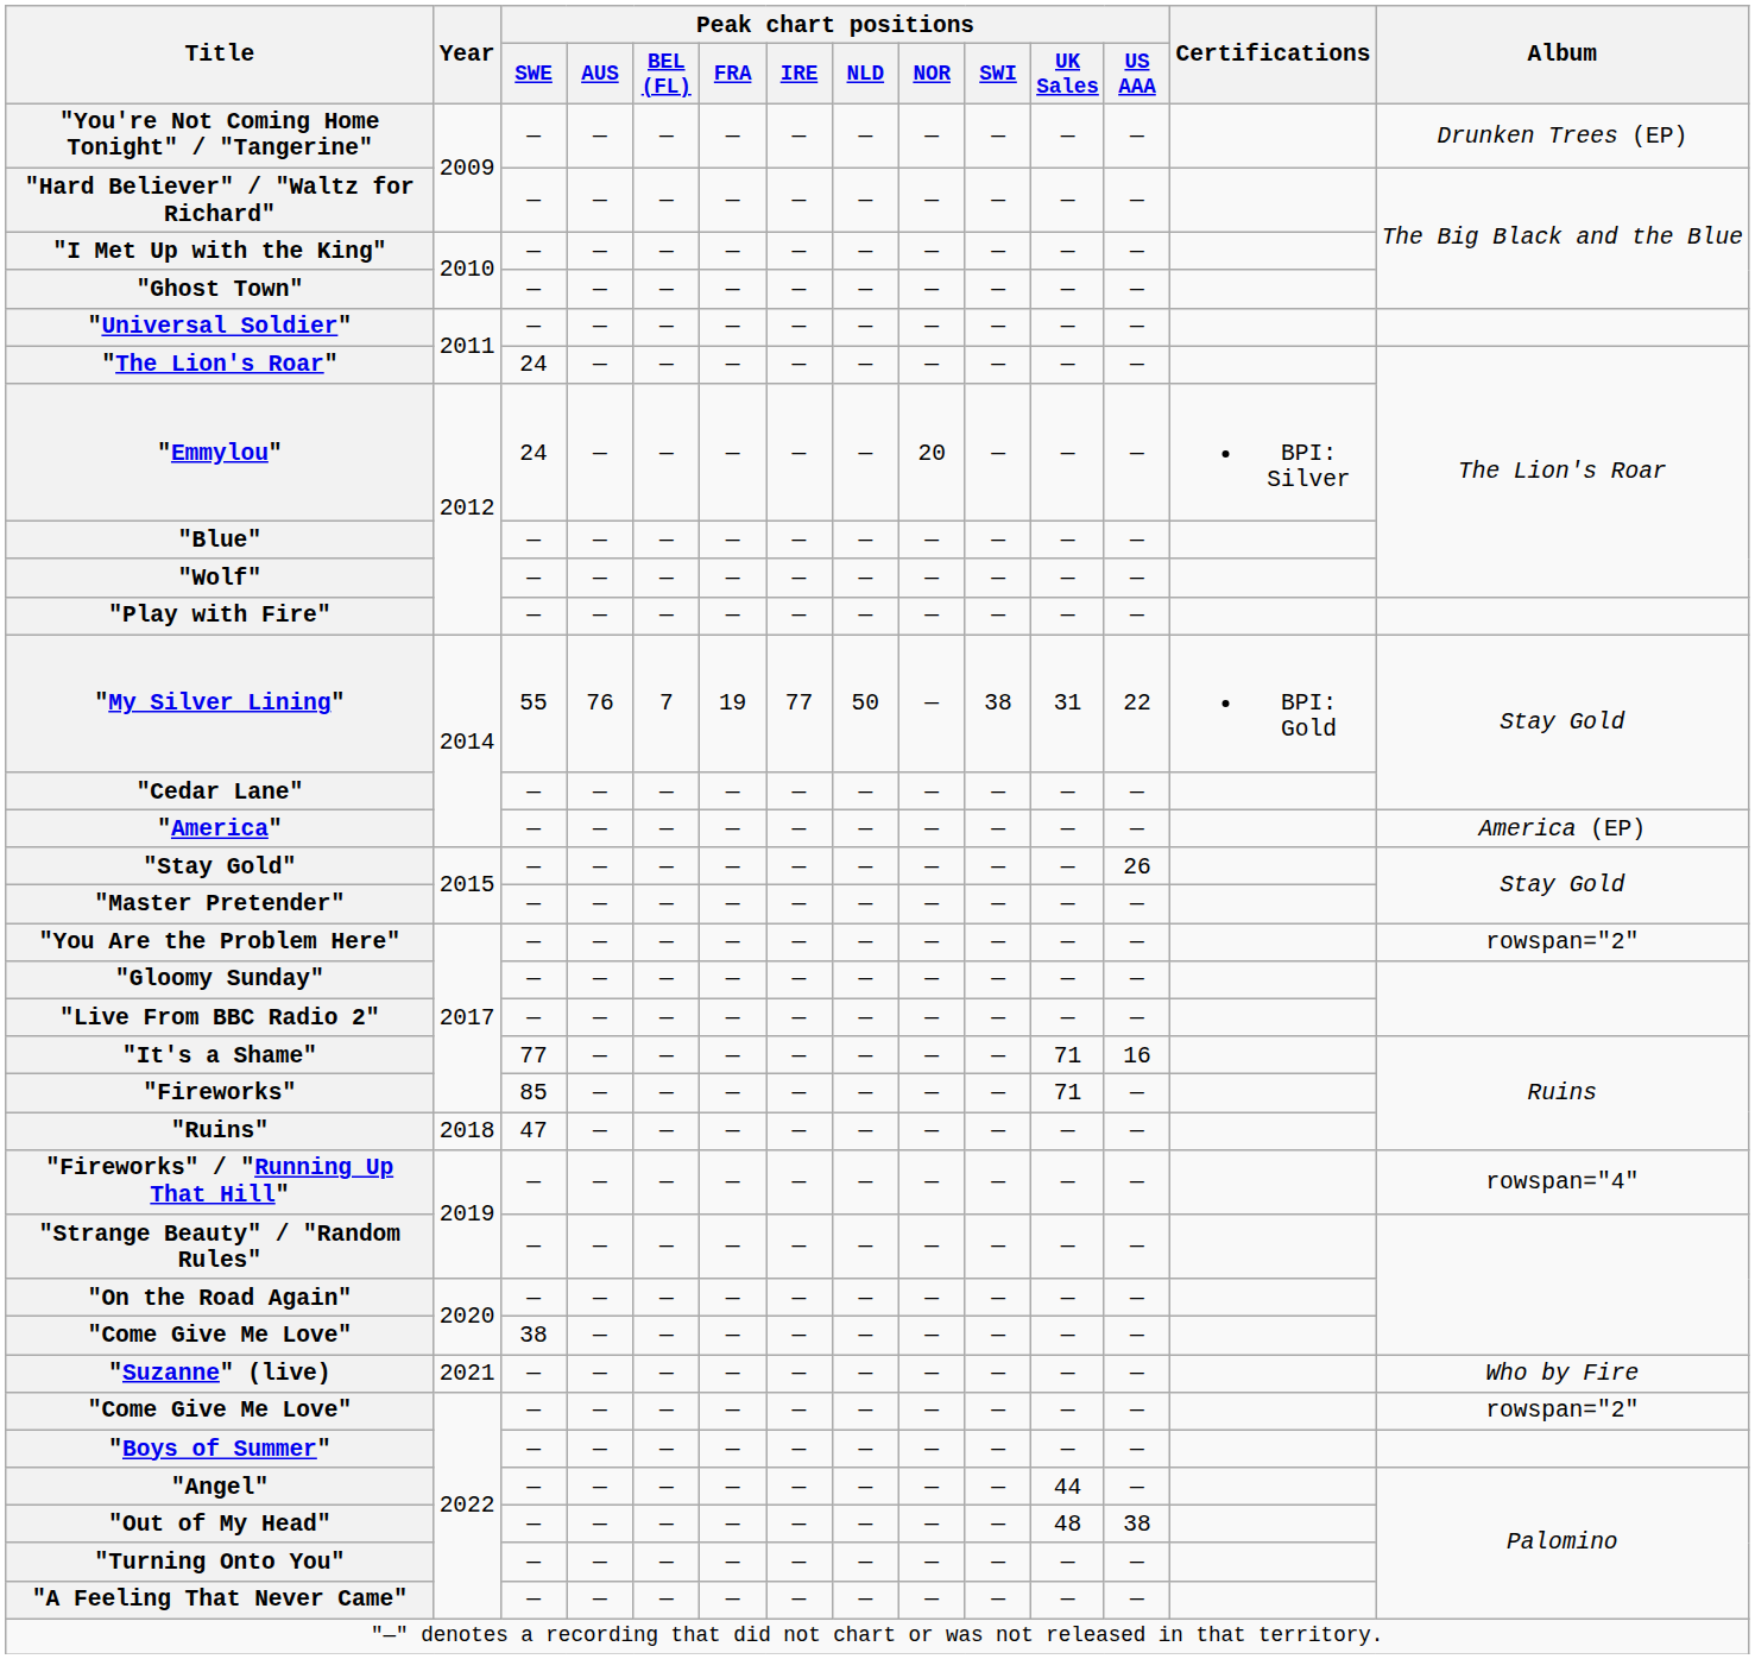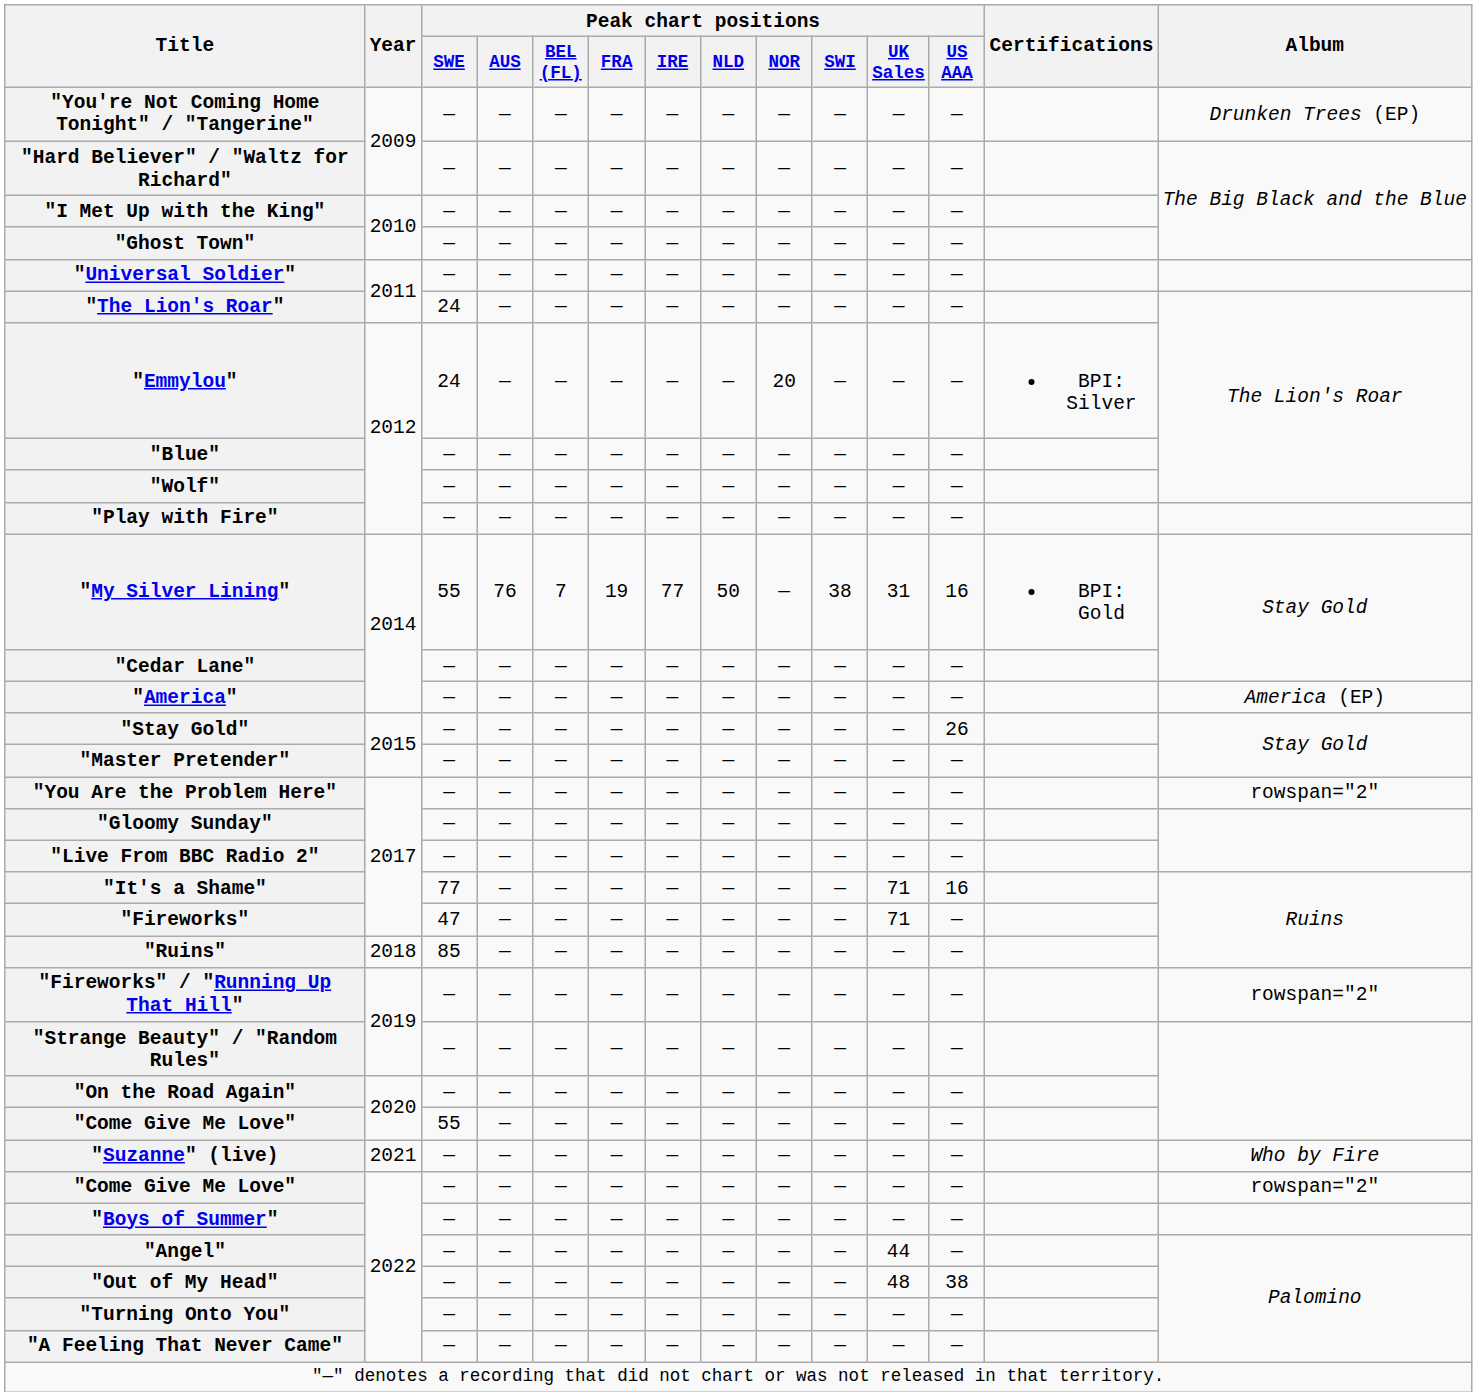 <table class="wikitable plainrowheaders" style="text-align:center;">
 <tr>
 <th scope="col" rowspan="2" style="width:18em;">Title</th>
 <th scope="col" rowspan="2">Year</th>
 <th scope="col" colspan="10">Peak chart positions</th>
 <th scope="col" rowspan="2" style="width:8em;">Certifications</th>
 <th scope="col" rowspan="2">Album</th>
 </tr>
 <tr>
 <th scope="col" style="width:2.7em;font-size:90%;"><a href='#'>SWE</a><br></th>
 <th scope="col" style="width:2.7em;font-size:90%;"><a href='#'>AUS</a><br></th>
 <th scope="col" style="width:2.7em;font-size:90%;"><a href='#'>BEL<br>(FL)</a><br></th>
 <th scope="col" style="width:2.7em;font-size:90%;"><a href='#'>FRA</a><br></th>
 <th scope="col" style="width:2.7em;font-size:90%;"><a href='#'>IRE</a><br></th>
 <th scope="col" style="width:2.7em;font-size:90%;"><a href='#'>NLD</a><br></th>
 <th scope="col" style="width:2.7em;font-size:90%;"><a href='#'>NOR</a><br></th>
 <th scope="col" style="width:2.7em;font-size:90%;"><a href='#'>SWI</a><br></th>
 <th scope="col" style="width:2.7em;font-size:90%;"><a href='#'>UK<br>Sales</a><br></th>
 <th scope="col" style="width:2.7em;font-size:90%;"><a href='#'>US<br>AAA</a><br></th>
 </tr>
 <tr>
 <th scope="row">"You're Not Coming Home Tonight" / "Tangerine"</th>
 <td rowspan="2">2009</td>
 <td>—</td>
 <td>—</td>
 <td>—</td>
 <td>—</td>
 <td>—</td>
 <td>—</td>
 <td>—</td>
 <td>—</td>
 <td>—</td>
 <td>—</td>
 <td></td>
 <td><em>Drunken Trees</em> (EP)</td>
 </tr>
 <tr>
 <th scope="row">"Hard Believer" / "Waltz for Richard"</th>
 <td>—</td>
 <td>—</td>
 <td>—</td>
 <td>—</td>
 <td>—</td>
 <td>—</td>
 <td>—</td>
 <td>—</td>
 <td>—</td>
 <td>—</td>
 <td></td>
 <td rowspan="3"><em>The Big Black and the Blue</em></td>
 </tr>
 <tr>
 <th scope="row">"I Met Up with the King"</th>
 <td rowspan="2">2010</td>
 <td>—</td>
 <td>—</td>
 <td>—</td>
 <td>—</td>
 <td>—</td>
 <td>—</td>
 <td>—</td>
 <td>—</td>
 <td>—</td>
 <td>—</td>
 <td></td>
 </tr>
 <tr>
 <th scope="row">"Ghost Town"</th>
 <td>—</td>
 <td>—</td>
 <td>—</td>
 <td>—</td>
 <td>—</td>
 <td>—</td>
 <td>—</td>
 <td>—</td>
 <td>—</td>
 <td>—</td>
 <td></td>
 </tr>
 <tr>
 <th scope="row">"<a href='#'>Universal Soldier</a>"</th>
 <td rowspan="2">2011</td>
 <td>—</td>
 <td>—</td>
 <td>—</td>
 <td>—</td>
 <td>—</td>
 <td>—</td>
 <td>—</td>
 <td>—</td>
 <td>—</td>
 <td>—</td>
 <td></td>
 <td></td>
 </tr>
 <tr>
 <th scope="row">"<a href='#'>The Lion's Roar</a>"</th>
 <td>24</td>
 <td>—</td>
 <td>—</td>
 <td>—</td>
 <td>—</td>
 <td>—</td>
 <td>—</td>
 <td>—</td>
 <td>—</td>
 <td>—</td>
 <td></td>
 <td rowspan="4"><em>The Lion's Roar</em></td>
 </tr>
 <tr>
 <th scope="row">"<a href='#'>Emmylou</a>"</th>
 <td rowspan="4">2012</td>
 <td>24</td>
 <td>—</td>
 <td>—</td>
 <td>—</td>
 <td>—</td>
 <td>—</td>
 <td>20</td>
 <td>—</td>
 <td>—</td>
 <td>—</td>
 <td><br><ul><li>BPI: Silver</li></ul></td>
 </tr>
 <tr>
 <th scope="row">"Blue"</th>
 <td>—</td>
 <td>—</td>
 <td>—</td>
 <td>—</td>
 <td>—</td>
 <td>—</td>
 <td>—</td>
 <td>—</td>
 <td>—</td>
 <td>—</td>
 <td></td>
 </tr>
 <tr>
 <th scope="row">"Wolf"</th>
 <td>—</td>
 <td>—</td>
 <td>—</td>
 <td>—</td>
 <td>—</td>
 <td>—</td>
 <td>—</td>
 <td>—</td>
 <td>—</td>
 <td>—</td>
 <td></td>
 </tr>
 <tr>
 <th scope="row">"Play with Fire" </th>
 <td>—</td>
 <td>—</td>
 <td>—</td>
 <td>—</td>
 <td>—</td>
 <td>—</td>
 <td>—</td>
 <td>—</td>
 <td>—</td>
 <td>—</td>
 <td></td>
 <td></td>
 </tr>
 <tr>
 <th scope="row">"<a href='#'>My Silver Lining</a>"</th>
 <td rowspan="3">2014</td>
 <td>55</td>
 <td>76</td>
 <td>7</td>
 <td>19</td>
 <td>77</td>
 <td>50</td>
 <td>—</td>
 <td>38</td>
 <td>31</td>
-<td>22</td>
+<td>16</td>
 <td><br><ul><li>BPI: Gold</li></ul></td>
 <td rowspan="2"><em>Stay Gold</em></td>
 </tr>
 <tr>
 <th scope="row">"Cedar Lane"</th>
 <td>—</td>
 <td>—</td>
 <td>—</td>
 <td>—</td>
 <td>—</td>
 <td>—</td>
 <td>—</td>
 <td>—</td>
 <td>—</td>
 <td>—</td>
 <td></td>
 </tr>
 <tr>
 <th scope="row">"<a href='#'>America</a>"</th>
 <td>—</td>
 <td>—</td>
 <td>—</td>
 <td>—</td>
 <td>—</td>
 <td>—</td>
 <td>—</td>
 <td>—</td>
 <td>—</td>
 <td>—</td>
 <td></td>
 <td><em>America</em> (EP)</td>
 </tr>
 <tr>
 <th scope="row">"Stay Gold"</th>
 <td rowspan=2>2015</td>
 <td>—</td>
 <td>—</td>
 <td>—</td>
 <td>—</td>
 <td>—</td>
 <td>—</td>
 <td>—</td>
 <td>—</td>
 <td>—</td>
 <td>26</td>
 <td></td>
 <td rowspan=2><em>Stay Gold</em></td>
 </tr>
 <tr>
 <th scope="row">"Master Pretender"</th>
 <td>—</td>
 <td>—</td>
 <td>—</td>
 <td>—</td>
 <td>—</td>
 <td>—</td>
 <td>—</td>
 <td>—</td>
 <td>—</td>
 <td>—</td>
 <td></td>
 </tr>
 <tr>
 <th scope="row">"You Are the Problem Here"</th>
 <td rowspan="5">2017</td>
 <td>—</td>
 <td>—</td>
 <td>—</td>
 <td>—</td>
 <td>—</td>
 <td>—</td>
 <td>—</td>
 <td>—</td>
 <td>—</td>
 <td>—</td>
 <td></td>
 <td>rowspan="2" </td>
 </tr>
 <tr>
 <th scope="row">"Gloomy Sunday"</th>
 <td>—</td>
 <td>—</td>
 <td>—</td>
 <td>—</td>
 <td>—</td>
 <td>—</td>
 <td>—</td>
 <td>—</td>
 <td>—</td>
 <td>—</td>
 <td></td>
 </tr>
 <tr>
 <th scope="row">"Live From BBC Radio 2"</th>
 <td>—</td>
 <td>—</td>
 <td>—</td>
 <td>—</td>
 <td>—</td>
 <td>—</td>
 <td>—</td>
 <td>—</td>
 <td>—</td>
 <td>—</td>
 <td></td>
 </tr>
 <tr>
 <th scope="row">"It's a Shame"</th>
 <td>77</td>
 <td>—</td>
 <td>—</td>
 <td>—</td>
 <td>—</td>
 <td>—</td>
 <td>—</td>
 <td>—</td>
 <td>71</td>
 <td>16</td>
 <td></td>
 <td rowspan="3"><em>Ruins</em></td>
 </tr>
 <tr>
 <th scope="row">"Fireworks"</th>
-<td>85</td>
+<td>47</td>
 <td>—</td>
 <td>—</td>
 <td>—</td>
 <td>—</td>
 <td>—</td>
 <td>—</td>
 <td>—</td>
 <td>71</td>
 <td>—</td>
 <td></td>
 </tr>
 <tr>
 <th scope="row">"Ruins"</th>
 <td>2018</td>
-<td>47</td>
+<td>85</td>
 <td>—</td>
 <td>—</td>
 <td>—</td>
 <td>—</td>
 <td>—</td>
 <td>—</td>
 <td>—</td>
 <td>—</td>
 <td>—</td>
 <td></td>
 </tr>
 <tr>
 <th scope="row">"Fireworks" / "<a href='#'>Running Up That Hill</a>" </th>
 <td rowspan="2">2019</td>
 <td>—</td>
 <td>—</td>
 <td>—</td>
 <td>—</td>
 <td>—</td>
 <td>—</td>
 <td>—</td>
 <td>—</td>
 <td>—</td>
 <td>—</td>
 <td></td>
-<td>rowspan="4" </td>
+<td>rowspan="2" </td>
 </tr>
 <tr>
 <th scope="row">"Strange Beauty" / "Random Rules"</th>
 <td>—</td>
 <td>—</td>
 <td>—</td>
 <td>—</td>
 <td>—</td>
 <td>—</td>
 <td>—</td>
 <td>—</td>
 <td>—</td>
 <td>—</td>
 <td></td>
 </tr>
 <tr>
 <th scope="row">"On the Road Again"</th>
 <td rowspan="2">2020</td>
 <td>—</td>
 <td>—</td>
 <td>—</td>
 <td>—</td>
 <td>—</td>
 <td>—</td>
 <td>—</td>
 <td>—</td>
 <td>—</td>
 <td>—</td>
 <td></td>
 </tr>
 <tr>
 <th scope="row">"Come Give Me Love" </th>
-<td>38</td>
+<td>55</td>
 <td>—</td>
 <td>—</td>
 <td>—</td>
 <td>—</td>
 <td>—</td>
 <td>—</td>
 <td>—</td>
 <td>—</td>
 <td>—</td>
 <td></td>
 </tr>
 <tr>
 <th scope="row">"<a href='#'>Suzanne</a>" (live)</th>
 <td>2021</td>
 <td>—</td>
 <td>—</td>
 <td>—</td>
 <td>—</td>
 <td>—</td>
 <td>—</td>
 <td>—</td>
 <td>—</td>
 <td>—</td>
 <td>—</td>
 <td></td>
 <td><em>Who by Fire</em></td>
 </tr>
 <tr>
 <th scope="row">"Come Give Me Love" </th>
 <td rowspan="6">2022</td>
 <td>—</td>
 <td>—</td>
 <td>—</td>
 <td>—</td>
 <td>—</td>
 <td>—</td>
 <td>—</td>
 <td>—</td>
 <td>—</td>
 <td>—</td>
 <td></td>
 <td>rowspan="2" </td>
 </tr>
 <tr>
 <th scope="row">"<a href='#'>Boys of Summer</a>"</th>
 <td>—</td>
 <td>—</td>
 <td>—</td>
 <td>—</td>
 <td>—</td>
 <td>—</td>
 <td>—</td>
 <td>—</td>
 <td>—</td>
 <td>—</td>
 <td></td>
 </tr>
 <tr>
 <th scope="row">"Angel"</th>
 <td>—</td>
 <td>—</td>
 <td>—</td>
 <td>—</td>
 <td>—</td>
 <td>—</td>
 <td>—</td>
 <td>—</td>
 <td>44</td>
 <td>—</td>
 <td></td>
 <td rowspan="4"><em>Palomino</em></td>
 </tr>
 <tr>
 <th scope="row">"Out of My Head"</th>
 <td>—</td>
 <td>—</td>
 <td>—</td>
 <td>—</td>
 <td>—</td>
 <td>—</td>
 <td>—</td>
 <td>—</td>
 <td>48</td>
 <td>38</td>
 <td></td>
 </tr>
 <tr>
 <th scope="row">"Turning Onto You"</th>
 <td>—</td>
 <td>—</td>
 <td>—</td>
 <td>—</td>
 <td>—</td>
 <td>—</td>
 <td>—</td>
 <td>—</td>
 <td>—</td>
 <td>—</td>
 <td></td>
 </tr>
 <tr>
 <th scope="row">"A Feeling That Never Came"</th>
 <td>—</td>
 <td>—</td>
 <td>—</td>
 <td>—</td>
 <td>—</td>
 <td>—</td>
 <td>—</td>
 <td>—</td>
 <td>—</td>
 <td>—</td>
 <td></td>
 </tr>
 <tr>
 <td colspan="16" style="font-size:90%">"—" denotes a recording that did not chart or was not released in that territory.</td>
 </tr>
 </table>
